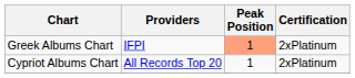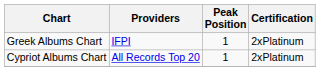 <table class="wikitable">
 <tr>
 <th align="left">Chart</th>
 <th align="left">Providers</th>
 <th align="left">Peak<br>Position</th>
 <th align="left">Certification</th>
 </tr>
 <tr>
 <td align="left">Greek Albums Chart</td>
 <td align="left"><a href='#'>IFPI</a></td>
-<td align="center" style="background: lightsalmon;">1</td>
+<td align="center">1</td>
 <td align="left">2xPlatinum</td>
 </tr>
 <tr>
 <td align="left">Cypriot Albums Chart</td>
 <td align="left"><a href='#'>All Records Top 20</a></td>
 <td align="center">1</td>
 <td align="left">2xPlatinum</td>
 </tr>
 <tr>
 </tr>
 </table>
